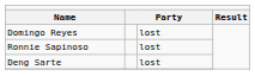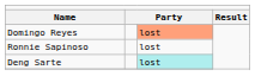 <table class=wikitable style="font-size:90%">
 <tr>
 <td colspan=4 bgcolor=></td>
 </tr>
 <tr>
 <th width=150px>Name</th>
 <th colspan=2 width=110px>Party</th>
 <th>Result</th>
 </tr>
 <tr>
 <td>Domingo Reyes</td>
 <td></td>
-<td>lost</td>
+<td style="background: lightsalmon;">lost</td>
 </tr>
 <tr>
 <td>Ronnie Sapinoso</td>
 <td></td>
 <td>lost</td>
 </tr>
 <tr>
 <td>Deng Sarte</td>
 <td></td>
-<td>lost</td>
+<td style="background: paleturquoise;">lost</td>
 </tr>
 <tr>
 </tr>
 </table>
